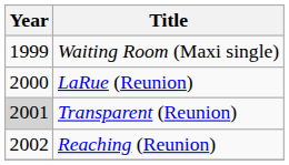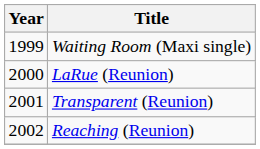 <table class="wikitable">
 <tr>
 <th>Year</th>
 <th>Title</th>
 </tr>
 <tr>
 <td>1999</td>
 <td><em>Waiting Room</em> (Maxi single)</td>
 </tr>
 <tr>
 <td>2000</td>
 <td><em><a href='#'>LaRue</a></em> (<a href='#'>Reunion</a>)</td>
 </tr>
 <tr>
-<td style="background: lightgrey;">2001</td>
+<td>2001</td>
 <td><em><a href='#'>Transparent</a></em> (<a href='#'>Reunion</a>)</td>
 </tr>
 <tr>
 <td>2002</td>
 <td><em><a href='#'>Reaching</a></em> (<a href='#'>Reunion</a>)</td>
 </tr>
 <tr>
 </tr>
 </table>
